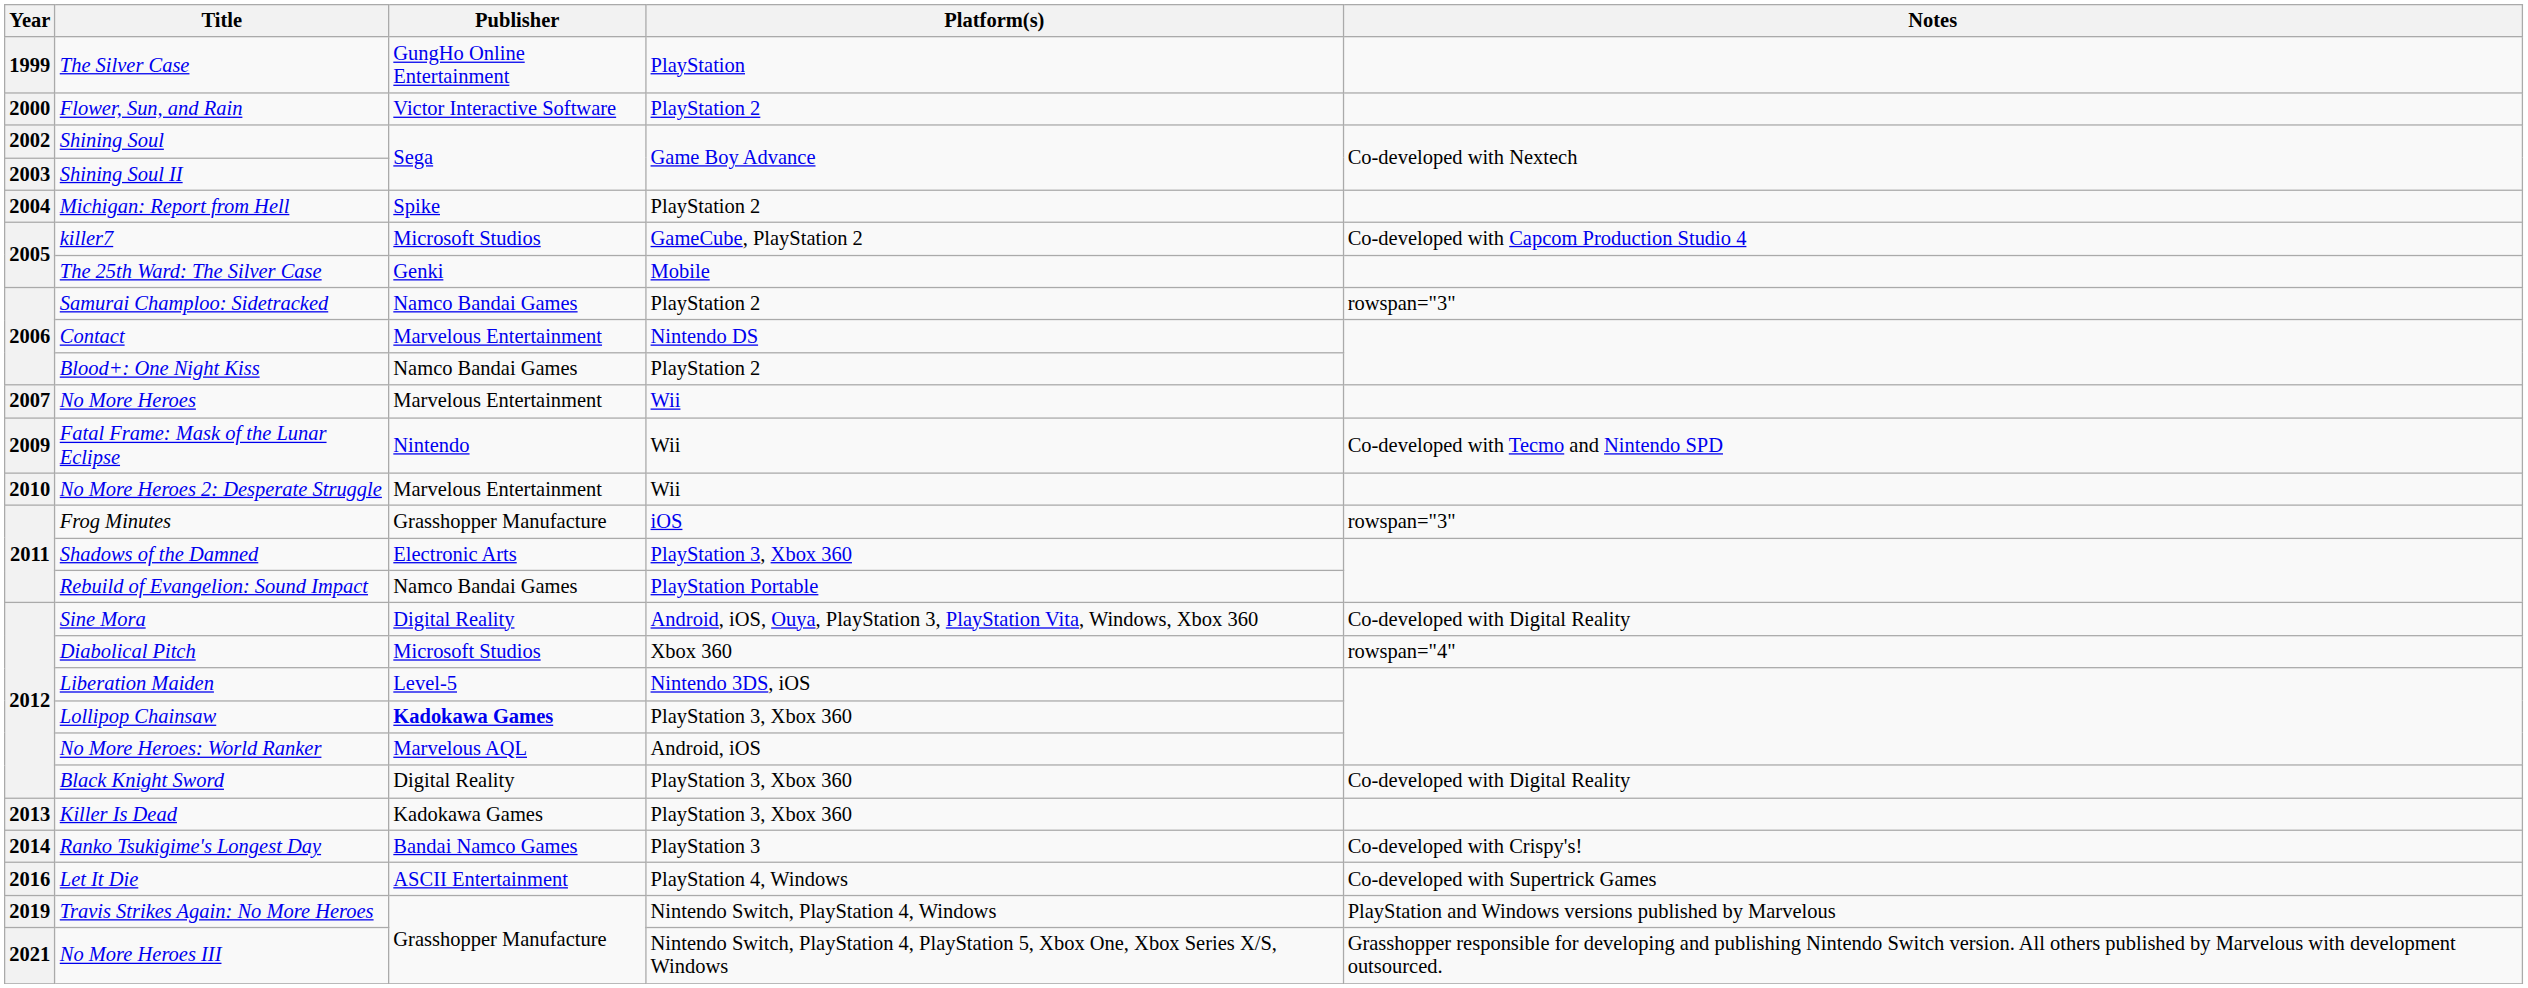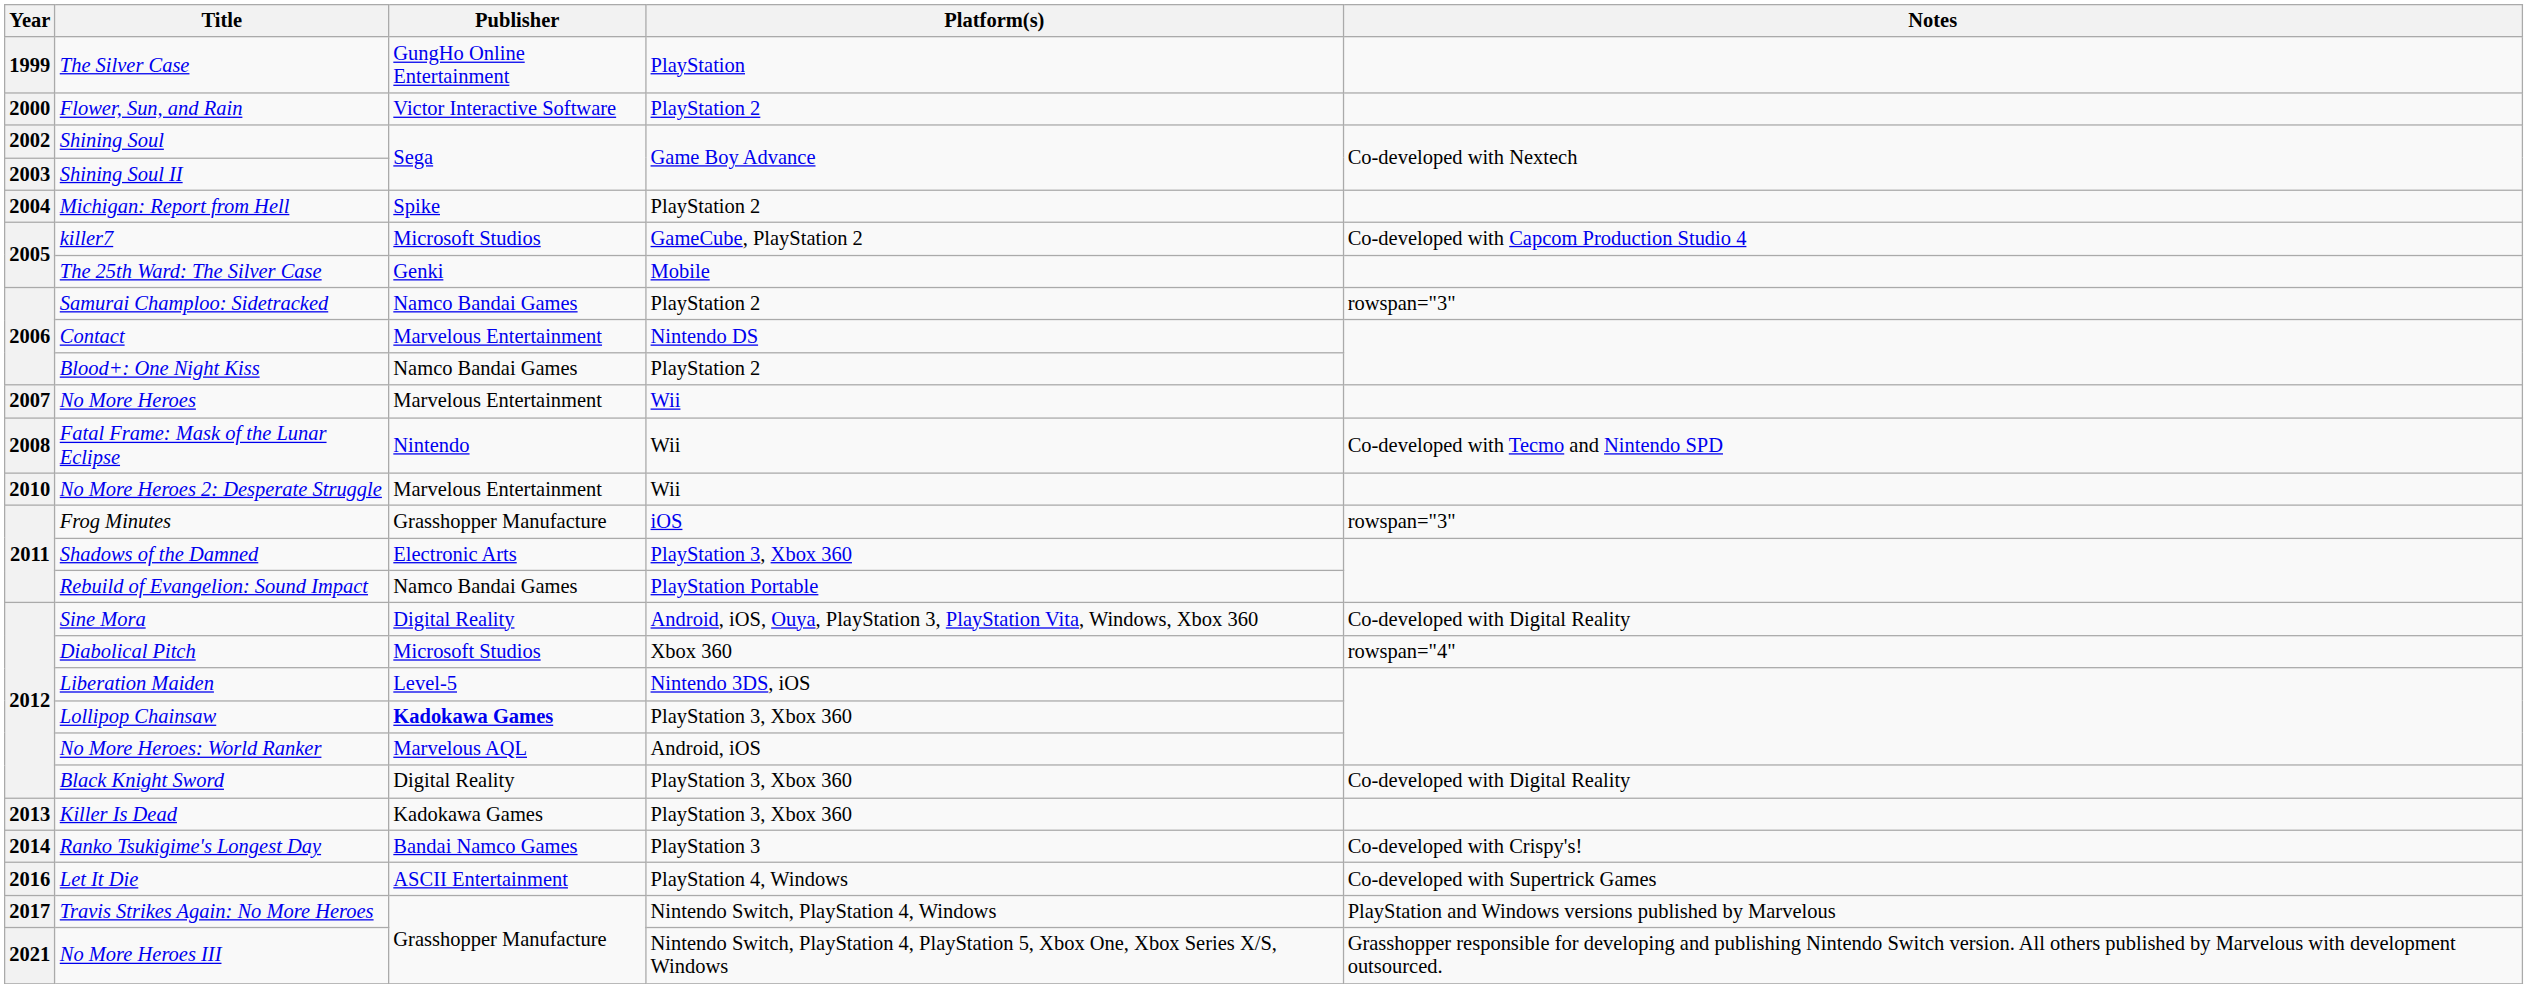 <table class="wikitable sortable">
 <tr>
 <th>Year</th>
 <th>Title</th>
 <th>Publisher</th>
 <th>Platform(s)</th>
 <th class="unsortable">Notes</th>
 </tr>
 <tr>
 <th>1999</th>
 <td><em><a href='#'>The Silver Case</a></em></td>
 <td><a href='#'>GungHo Online Entertainment</a></td>
 <td><a href='#'>PlayStation</a></td>
 <td></td>
 </tr>
 <tr>
 <th>2000</th>
 <td><em><a href='#'>Flower, Sun, and Rain</a></em></td>
 <td><a href='#'>Victor Interactive Software</a></td>
 <td><a href='#'>PlayStation 2</a></td>
 <td></td>
 </tr>
 <tr>
 <th>2002</th>
 <td><em><a href='#'>Shining Soul</a></em></td>
 <td rowspan="2"><a href='#'>Sega</a></td>
 <td rowspan="2"><a href='#'>Game Boy Advance</a></td>
 <td rowspan="2">Co-developed with Nextech</td>
 </tr>
 <tr>
 <th>2003</th>
 <td><em><a href='#'>Shining Soul II</a></em></td>
 </tr>
 <tr>
 <th>2004</th>
 <td><em><a href='#'>Michigan: Report from Hell</a></em></td>
 <td><a href='#'>Spike</a></td>
 <td>PlayStation 2</td>
 <td></td>
 </tr>
 <tr>
 <th rowspan="2">2005</th>
 <td><em><a href='#'>killer7</a></em></td>
 <td><a href='#'>Microsoft Studios</a></td>
 <td><a href='#'>GameCube</a>, PlayStation 2</td>
 <td>Co-developed with <a href='#'>Capcom Production Studio 4</a></td>
 </tr>
 <tr>
 <td><em><a href='#'>The 25th Ward: The Silver Case</a></em></td>
 <td><a href='#'>Genki</a></td>
 <td><a href='#'>Mobile</a></td>
 <td></td>
 </tr>
 <tr>
 <th rowspan="3">2006</th>
 <td><em><a href='#'>Samurai Champloo: Sidetracked</a></em></td>
 <td><a href='#'>Namco Bandai Games</a></td>
 <td>PlayStation 2</td>
 <td>rowspan="3" </td>
 </tr>
 <tr>
 <td><em><a href='#'>Contact</a></em></td>
 <td><a href='#'>Marvelous Entertainment</a></td>
 <td><a href='#'>Nintendo DS</a></td>
 </tr>
 <tr>
 <td><em><a href='#'>Blood+: One Night Kiss</a></em></td>
 <td>Namco Bandai Games</td>
 <td>PlayStation 2</td>
 </tr>
 <tr>
 <th>2007</th>
 <td><em><a href='#'>No More Heroes</a></em></td>
 <td>Marvelous Entertainment</td>
 <td><a href='#'>Wii</a></td>
 <td></td>
 </tr>
 <tr>
-<th>2009</th>
+<th>2008</th>
 <td><em><a href='#'>Fatal Frame: Mask of the Lunar Eclipse</a></em></td>
 <td><a href='#'>Nintendo</a></td>
 <td>Wii</td>
 <td>Co-developed with <a href='#'>Tecmo</a> and <a href='#'>Nintendo SPD</a></td>
 </tr>
 <tr>
 <th>2010</th>
 <td><em><a href='#'>No More Heroes 2: Desperate Struggle</a></em></td>
 <td>Marvelous Entertainment</td>
 <td>Wii</td>
 <td></td>
 </tr>
 <tr>
 <th rowspan="3">2011</th>
 <td><em>Frog Minutes</em></td>
 <td>Grasshopper Manufacture</td>
 <td><a href='#'>iOS</a></td>
 <td>rowspan="3" </td>
 </tr>
 <tr>
 <td><em><a href='#'>Shadows of the Damned</a></em></td>
 <td><a href='#'>Electronic Arts</a></td>
 <td><a href='#'>PlayStation 3</a>, <a href='#'>Xbox 360</a></td>
 </tr>
 <tr>
 <td><em><a href='#'>Rebuild of Evangelion: Sound Impact</a></em></td>
 <td>Namco Bandai Games</td>
 <td><a href='#'>PlayStation Portable</a></td>
 </tr>
 <tr>
 <th rowspan="6">2012</th>
 <td><em><a href='#'>Sine Mora</a></em></td>
 <td><a href='#'>Digital Reality</a></td>
 <td><a href='#'>Android</a>, iOS, <a href='#'>Ouya</a>, PlayStation 3, <a href='#'>PlayStation Vita</a>, Windows, Xbox 360</td>
 <td>Co-developed with Digital Reality</td>
 </tr>
 <tr>
 <td><em><a href='#'>Diabolical Pitch</a></em></td>
 <td><a href='#'>Microsoft Studios</a></td>
 <td>Xbox 360</td>
 <td>rowspan="4" </td>
 </tr>
 <tr>
 <td><em><a href='#'>Liberation Maiden</a></em></td>
 <td><a href='#'>Level-5</a></td>
 <td><a href='#'>Nintendo 3DS</a>, iOS</td>
 </tr>
 <tr>
 <td><em><a href='#'>Lollipop Chainsaw</a></em></td>
 <td><strong><a href='#'>Kadokawa Games</a></strong></td>
 <td>PlayStation 3, Xbox 360</td>
 </tr>
 <tr>
 <td><em><a href='#'>No More Heroes: World Ranker</a></em></td>
 <td><a href='#'>Marvelous AQL</a></td>
 <td>Android, iOS</td>
 </tr>
 <tr>
 <td><em><a href='#'>Black Knight Sword</a></em></td>
 <td>Digital Reality</td>
 <td>PlayStation 3, Xbox 360</td>
 <td>Co-developed with Digital Reality</td>
 </tr>
 <tr>
 <th>2013</th>
 <td><em><a href='#'>Killer Is Dead</a></em></td>
 <td>Kadokawa Games</td>
 <td>PlayStation 3, Xbox 360</td>
 <td></td>
 </tr>
 <tr>
 <th>2014</th>
 <td><em><a href='#'>Ranko Tsukigime's Longest Day</a></em></td>
 <td><a href='#'>Bandai Namco Games</a></td>
 <td>PlayStation 3</td>
 <td>Co-developed with Crispy's!</td>
 </tr>
 <tr>
 <th>2016</th>
 <td><em><a href='#'>Let It Die</a></em></td>
 <td><a href='#'>ASCII Entertainment</a></td>
 <td>PlayStation 4, Windows</td>
 <td>Co-developed with Supertrick Games</td>
 </tr>
 <tr>
-<th>2019</th>
+<th>2017</th>
 <td><em><a href='#'>Travis Strikes Again: No More Heroes</a></em></td>
 <td rowspan="3">Grasshopper Manufacture</td>
 <td>Nintendo Switch, PlayStation 4, Windows</td>
 <td>PlayStation and Windows versions published by Marvelous</td>
 </tr>
 <tr>
 <th>2021</th>
 <td><em><a href='#'>No More Heroes III</a></em></td>
 <td>Nintendo Switch, PlayStation 4, PlayStation 5, Xbox One, Xbox Series X/S, Windows</td>
 <td>Grasshopper responsible for developing and publishing Nintendo Switch version. All others published by Marvelous with development outsourced.</td>
 </tr>
 </table>
